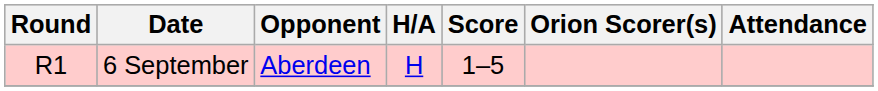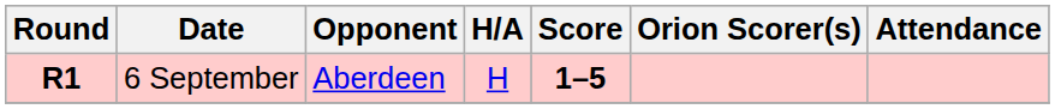 <table class="wikitable" style="text-align:center">
 <tr>
 <th>Round</th>
 <th>Date</th>
 <th>Opponent</th>
 <th>H/A</th>
 <th>Score</th>
 <th>Orion Scorer(s)</th>
 <th>Attendance</th>
 </tr>
 <tr bgcolor=#FFCCCC>
-<td>R1</td>
+<td><strong>R1</strong></td>
 <td align=left>6 September</td>
 <td align=left><a href='#'>Aberdeen</a></td>
 <td><a href='#'>H</a></td>
-<td>1–5</td>
+<td><strong>1–5</strong></td>
 <td align=left></td>
 <td></td>
 </tr>
 <tr>
 </tr>
 </table>
